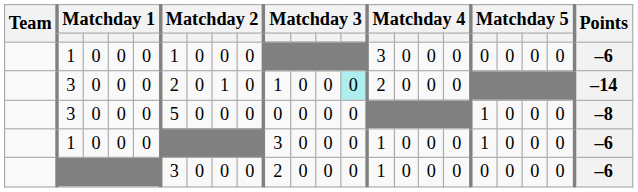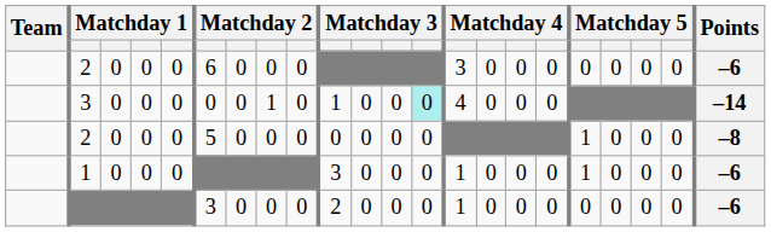 <table class="wikitable sortable" style="text-align:center;">
 <tr>
 <th rowspan=2>Team</th>
 <th colspan=4 style="border-left:3px solid gray">Matchday 1</th>
 <th colspan=4 style="border-left:3px solid gray">Matchday 2</th>
 <th colspan=4 style="border-left:3px solid gray">Matchday 3</th>
 <th colspan=4 style="border-left:3px solid gray">Matchday 4</th>
 <th colspan=4 style="border-left:3px solid gray">Matchday 5</th>
 <th rowspan=2 style="border-left:3px solid gray">Points</th>
 </tr>
 <tr>
 <th style="border-left:3px solid gray"></th>
 <th></th>
 <th></th>
 <th></th>
 <th style="border-left:3px solid gray"></th>
 <th></th>
 <th></th>
 <th></th>
 <th style="border-left:3px solid gray"></th>
 <th></th>
 <th></th>
 <th></th>
 <th style="border-left:3px solid gray"></th>
 <th></th>
 <th></th>
 <th></th>
 <th style="border-left:3px solid gray"></th>
 <th></th>
 <th></th>
 <th></th>
 </tr>
 <tr>
 <td align=left></td>
-<td style="border-left:3px solid gray">1</td>
+<td style="border-left:3px solid gray">2</td>
 <td>0</td>
 <td>0</td>
 <td>0</td>
-<td style="border-left:3px solid gray">1</td>
+<td style="border-left:3px solid gray">6</td>
 <td>0</td>
 <td>0</td>
 <td>0</td>
 <td style="border-left:3px solid gray" bgcolor="gray" colspan="4"></td>
 <td style="border-left:3px solid gray">3</td>
 <td>0</td>
 <td>0</td>
 <td>0</td>
 <td style="border-left:3px solid gray">0</td>
 <td>0</td>
 <td>0</td>
 <td>0</td>
 <th style="border-left:3px solid gray">–6</th>
 </tr>
 <tr>
 <td align=left></td>
 <td style="border-left:3px solid gray">3</td>
 <td>0</td>
 <td>0</td>
 <td>0</td>
-<td style="border-left:3px solid gray">2</td>
+<td style="border-left:3px solid gray">0</td>
 <td>0</td>
 <td>1</td>
 <td>0</td>
 <td style="border-left:3px solid gray">1</td>
 <td>0</td>
 <td>0</td>
 <td style="background: paleturquoise;">0</td>
-<td style="border-left:3px solid gray">2</td>
+<td style="border-left:3px solid gray">4</td>
 <td>0</td>
 <td>0</td>
 <td>0</td>
 <td style="border-left:3px solid gray" bgcolor="gray" colspan="4"></td>
 <th style="border-left:3px solid gray">–14</th>
 </tr>
 <tr>
 <td align=left></td>
-<td style="border-left:3px solid gray">3</td>
+<td style="border-left:3px solid gray">2</td>
 <td>0</td>
 <td>0</td>
 <td>0</td>
 <td style="border-left:3px solid gray">5</td>
 <td>0</td>
 <td>0</td>
 <td>0</td>
 <td style="border-left:3px solid gray">0</td>
 <td>0</td>
 <td>0</td>
 <td>0</td>
 <td style="border-left:3px solid gray" bgcolor="gray" colspan="4"></td>
 <td style="border-left:3px solid gray">1</td>
 <td>0</td>
 <td>0</td>
 <td>0</td>
 <th style="border-left:3px solid gray">–8</th>
 </tr>
 <tr>
 <td align=left></td>
 <td style="border-left:3px solid gray">1</td>
 <td>0</td>
 <td>0</td>
 <td>0</td>
 <td style="border-left:3px solid gray" bgcolor="gray" colspan="4"></td>
 <td style="border-left:3px solid gray">3</td>
 <td>0</td>
 <td>0</td>
 <td>0</td>
 <td style="border-left:3px solid gray">1</td>
 <td>0</td>
 <td>0</td>
 <td>0</td>
 <td style="border-left:3px solid gray">1</td>
 <td>0</td>
 <td>0</td>
 <td>0</td>
 <th style="border-left:3px solid gray">–6</th>
 </tr>
 <tr>
 <td align=left></td>
 <td style="border-left:3px solid gray" bgcolor="gray" colspan="4"></td>
 <td style="border-left:3px solid gray">3</td>
 <td>0</td>
 <td>0</td>
 <td>0</td>
 <td style="border-left:3px solid gray">2</td>
 <td>0</td>
 <td>0</td>
 <td>0</td>
 <td style="border-left:3px solid gray">1</td>
 <td>0</td>
 <td>0</td>
 <td>0</td>
 <td style="border-left:3px solid gray">0</td>
 <td>0</td>
 <td>0</td>
 <td>0</td>
 <th style="border-left:3px solid gray">–6</th>
 </tr>
 </table>
